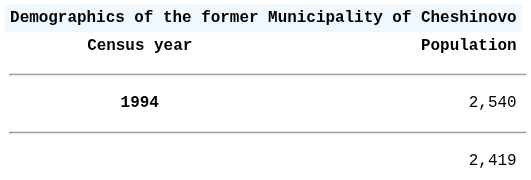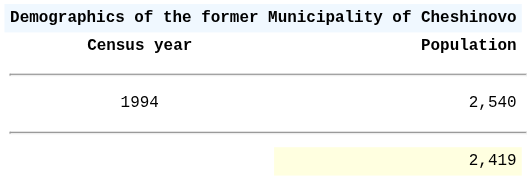 <table class="toccolours" align="center" cellpadding="4" cellspacing="0" style="margin:0 0 1em 1em; font-size: 95%;">
 <tr>
 <th colspan=2 bgcolor="#F0F8FF" align="center">Demographics of the former <strong>Municipality of Cheshinovo</strong></th>
 <th></th>
 </tr>
 <tr>
 <th align="center">Census year</th>
 <th align="right">Population</th>
 </tr>
 <tr>
 <td colspan=3><hr></td>
 </tr>
 <tr>
-<td align="center"><strong>1994</strong></td>
+<td align="center">1994</td>
 <td align="right">2,540</td>
 </tr>
 <tr>
 <td colspan=3><hr></td>
 </tr>
 <tr>
 <td align="center"></td>
-<td align="right">2,419</td>
+<td align="right" style="background: lightyellow;">2,419</td>
 </tr>
 <tr>
 </tr>
 </table>
